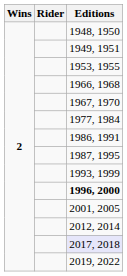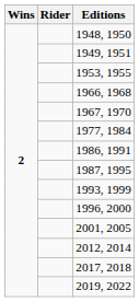 <table class="wikitable">
 <tr>
 <th>Wins</th>
 <th>Rider</th>
 <th>Editions</th>
 </tr>
 <tr>
 <td align=center rowspan= 14><strong>2</strong></td>
 <td></td>
 <td>1948, 1950</td>
 </tr>
 <tr>
 <td></td>
 <td>1949, 1951</td>
 </tr>
 <tr>
 <td></td>
 <td>1953, 1955</td>
 </tr>
 <tr>
 <td></td>
 <td>1966, 1968</td>
 </tr>
 <tr>
 <td></td>
 <td>1967, 1970</td>
 </tr>
 <tr>
 <td></td>
 <td>1977, 1984</td>
 </tr>
 <tr>
 <td></td>
 <td>1986, 1991</td>
 </tr>
 <tr>
 <td></td>
 <td>1987, 1995</td>
 </tr>
 <tr>
 <td></td>
 <td>1993, 1999</td>
 </tr>
 <tr>
 <td></td>
-<td><strong>1996, 2000</strong></td>
+<td>1996, 2000</td>
 </tr>
 <tr>
 <td></td>
 <td>2001, 2005</td>
 </tr>
 <tr>
 <td></td>
 <td>2012, 2014</td>
 </tr>
 <tr>
 <td><strong></strong></td>
-<td style="background: lavender;">2017, 2018</td>
+<td>2017, 2018</td>
 </tr>
 <tr>
 <td><strong></strong></td>
 <td>2019, 2022</td>
 </tr>
 </table>
